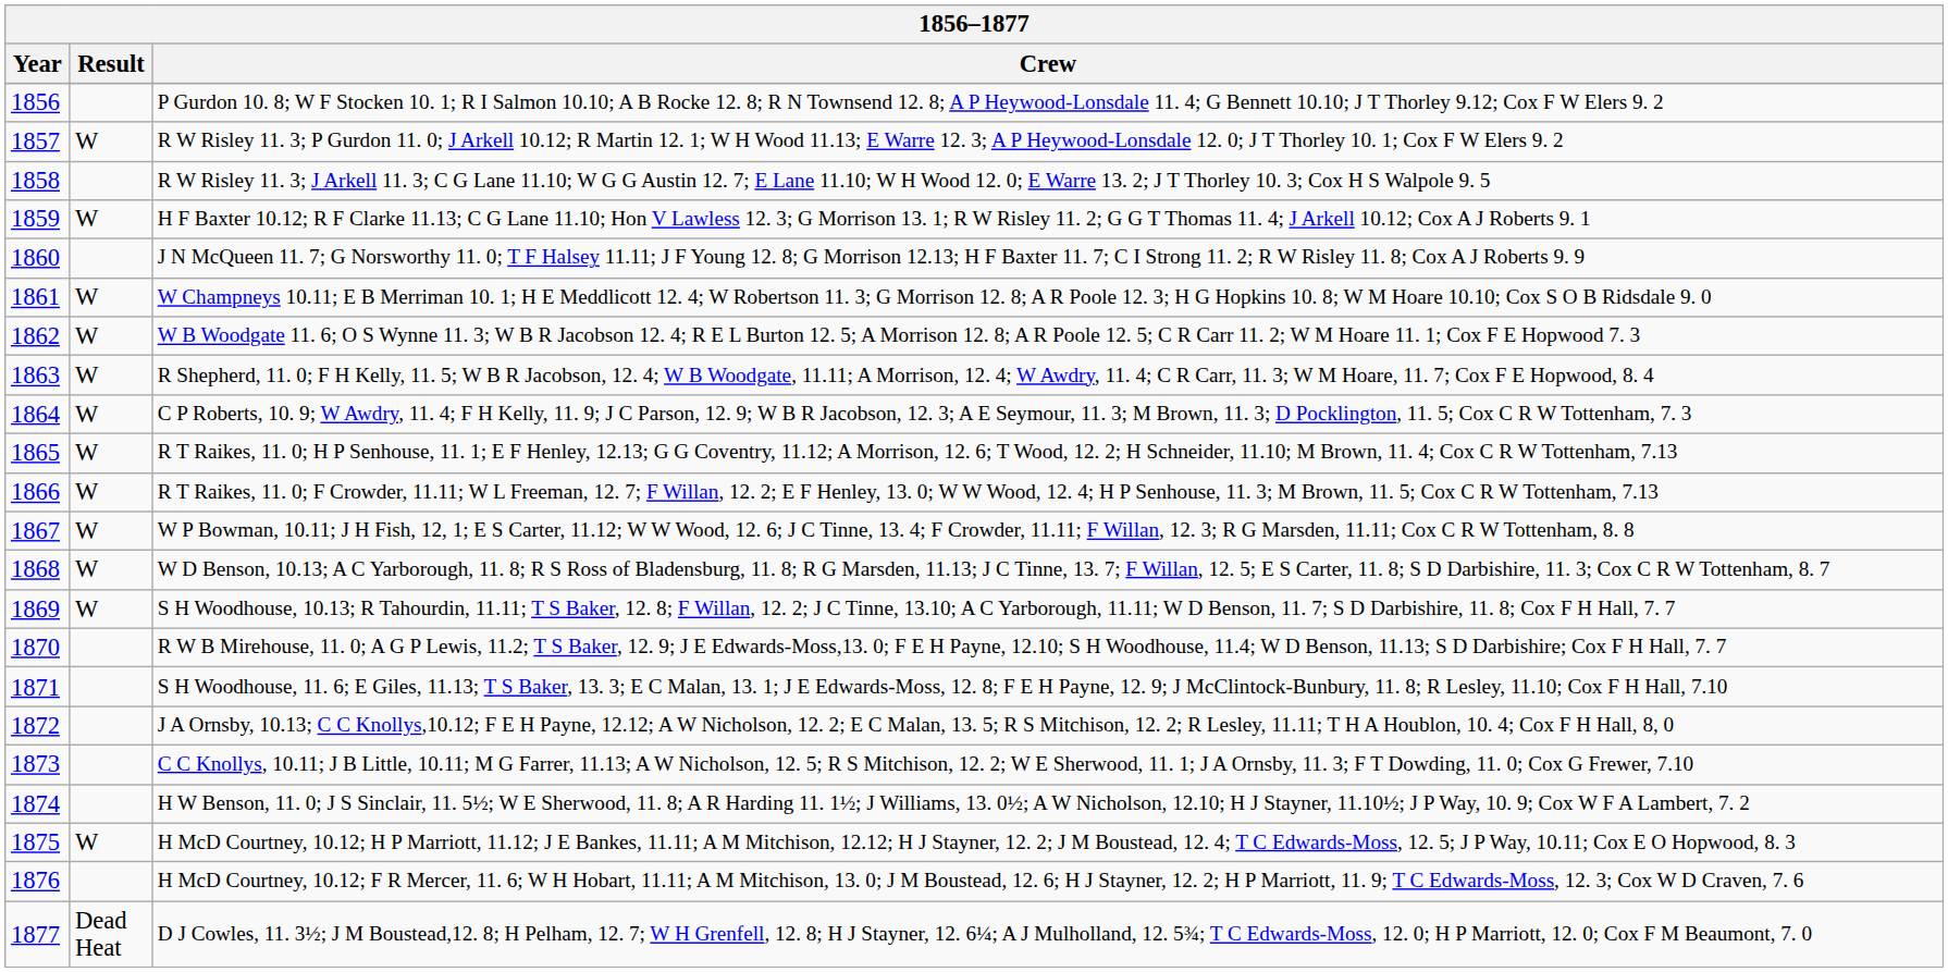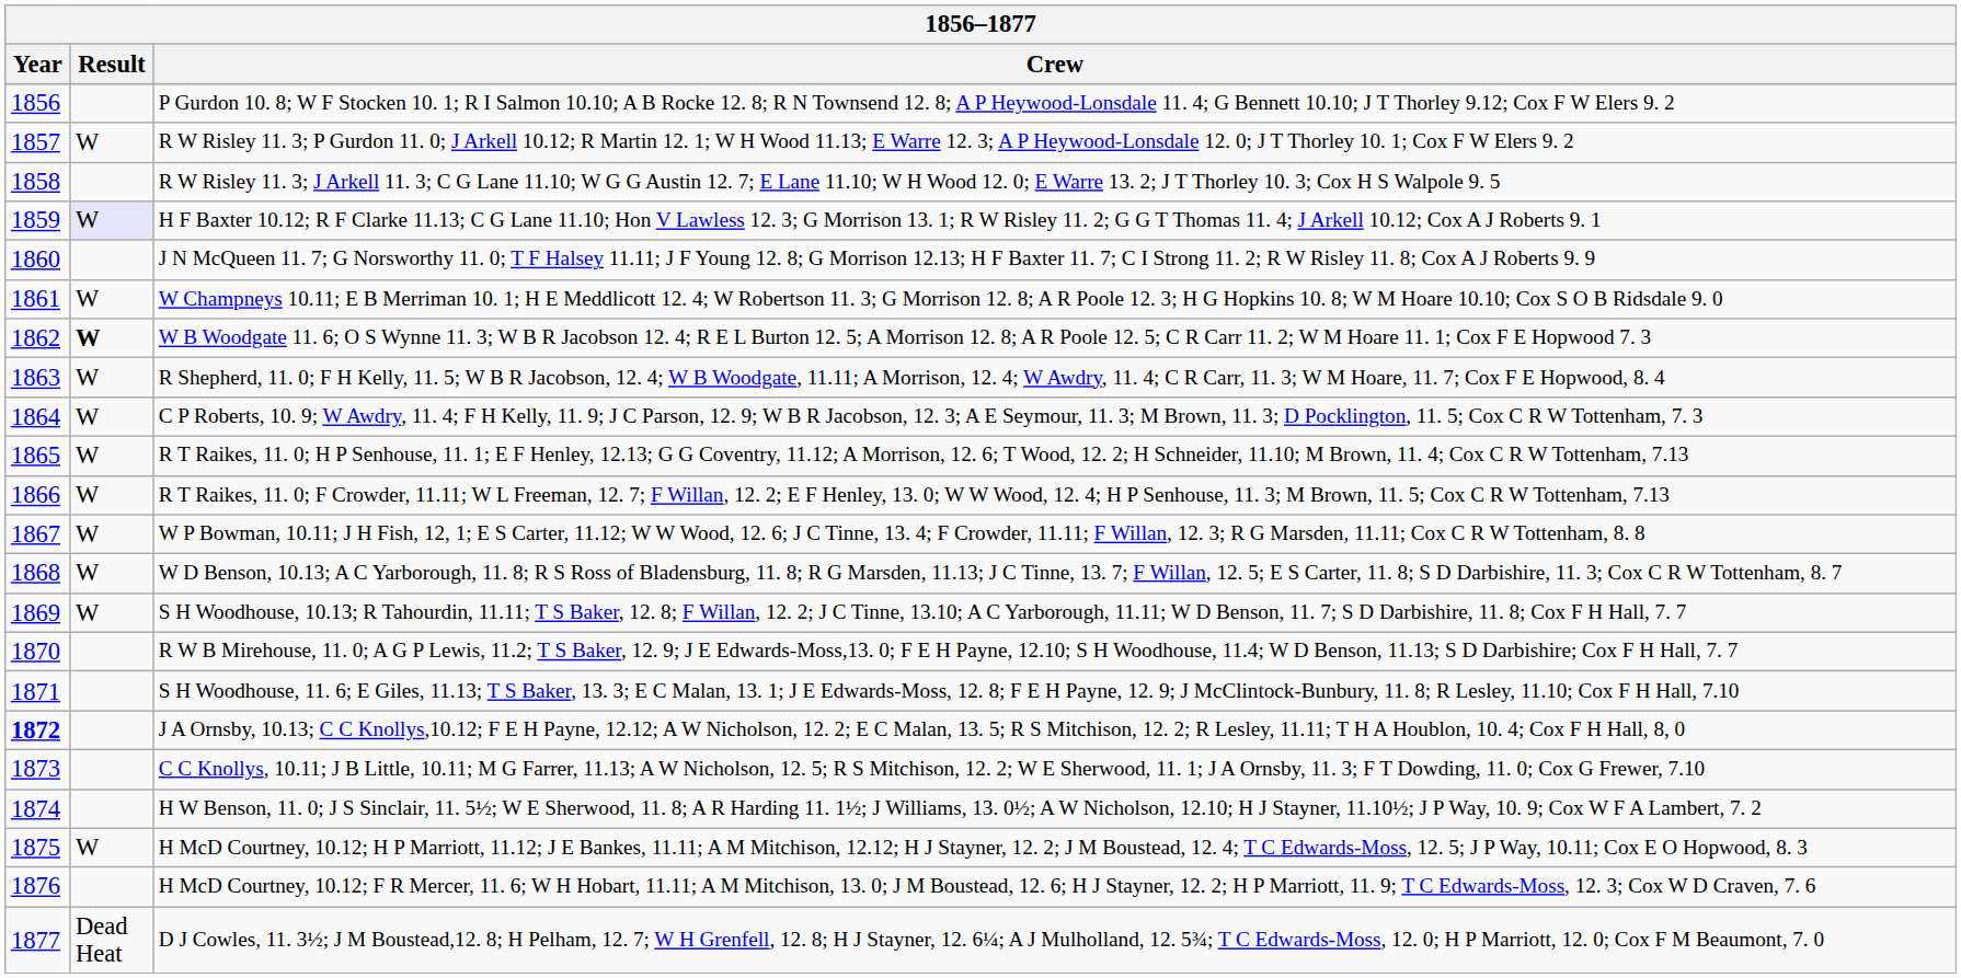 <table class="wikitable" width="100%">
 <tr>
 <th colspan=3>1856–1877</th>
 </tr>
 <tr>
 <th>Year</th>
 <th>Result</th>
 <th>Crew</th>
 </tr>
 <tr>
 </tr>
 <tr>
 <td><a href='#'>1856</a></td>
 <td></td>
 <td style="font-size:85%">P Gurdon 10. 8; W F Stocken 10. 1; R I Salmon 10.10; A B Rocke 12. 8; R N Townsend 12. 8; <a href='#'>A P Heywood-Lonsdale</a> 11. 4; G Bennett 10.10; J T Thorley 9.12; Cox F W Elers 9. 2</td>
 </tr>
 <tr>
 <td><a href='#'>1857</a></td>
 <td>W</td>
 <td style="font-size:85%">R W Risley 11. 3; P Gurdon 11. 0; <a href='#'>J Arkell</a> 10.12; R Martin 12. 1; W H Wood 11.13; <a href='#'>E Warre</a> 12. 3; <a href='#'>A P Heywood-Lonsdale</a> 12. 0; J T Thorley 10. 1; Cox F W Elers 9. 2</td>
 </tr>
 <tr>
 <td><a href='#'>1858</a></td>
 <td></td>
 <td style="font-size:85%">R W Risley 11. 3; <a href='#'>J Arkell</a> 11. 3; C G Lane 11.10; W G G Austin 12. 7; <a href='#'>E Lane</a> 11.10; W H Wood 12. 0; <a href='#'>E Warre</a> 13. 2; J T Thorley 10. 3; Cox H S Walpole 9. 5</td>
 </tr>
 <tr>
 <td><a href='#'>1859</a></td>
-<td>W</td>
+<td style="background: lavender;">W</td>
 <td style="font-size:85%">H F Baxter 10.12; R F Clarke 11.13; C G Lane 11.10; Hon <a href='#'>V Lawless</a> 12. 3; G Morrison 13. 1; R W Risley 11. 2; G G T Thomas 11. 4; <a href='#'>J Arkell</a> 10.12; Cox A J Roberts 9. 1</td>
 </tr>
 <tr>
 <td><a href='#'>1860</a></td>
 <td></td>
 <td style="font-size:85%">J N McQueen 11. 7; G Norsworthy 11. 0; <a href='#'>T F Halsey</a> 11.11; J F Young 12. 8; G Morrison 12.13; H F Baxter 11. 7; C I Strong 11. 2; R W Risley 11. 8; Cox A J Roberts 9. 9</td>
 </tr>
 <tr>
 <td><a href='#'>1861</a></td>
 <td>W</td>
 <td style="font-size:85%"><a href='#'>W Champneys</a> 10.11; E B Merriman 10. 1; H E Meddlicott 12. 4; W Robertson 11. 3; G Morrison 12. 8; A R Poole 12. 3; H G Hopkins 10. 8; W M Hoare 10.10; Cox S O B Ridsdale 9. 0</td>
 </tr>
 <tr>
 <td><a href='#'>1862</a></td>
-<td>W</td>
+<td><strong>W</strong></td>
 <td style="font-size:85%"><a href='#'>W B Woodgate</a> 11. 6; O S Wynne 11. 3; W B R Jacobson 12. 4; R E L Burton 12. 5; A Morrison 12. 8; A R Poole 12. 5; C R Carr 11. 2; W M Hoare 11. 1; Cox F E Hopwood 7. 3</td>
 </tr>
 <tr>
 <td><a href='#'>1863</a></td>
 <td>W</td>
 <td style="font-size:85%">R Shepherd, 11. 0; F H Kelly, 11. 5; W B R Jacobson, 12. 4; <a href='#'>W B Woodgate</a>, 11.11; A Morrison, 12. 4; <a href='#'>W Awdry</a>, 11. 4; C R Carr, 11. 3; W M Hoare, 11. 7; Cox F E Hopwood, 8. 4</td>
 </tr>
 <tr>
 <td><a href='#'>1864</a></td>
 <td>W</td>
 <td style="font-size:85%">C P Roberts, 10. 9; <a href='#'>W Awdry</a>, 11. 4; F H Kelly, 11. 9; J C Parson, 12. 9; W B R Jacobson, 12. 3; A E Seymour, 11. 3; M Brown, 11. 3; <a href='#'>D Pocklington</a>, 11. 5; Cox C R W Tottenham, 7. 3</td>
 </tr>
 <tr>
 <td><a href='#'>1865</a></td>
 <td>W</td>
 <td style="font-size:85%">R T Raikes, 11. 0; H P Senhouse, 11. 1; E F Henley, 12.13; G G Coventry, 11.12; A Morrison, 12. 6; T Wood, 12. 2; H Schneider, 11.10; M Brown, 11. 4; Cox C R W Tottenham, 7.13</td>
 </tr>
 <tr>
 <td><a href='#'>1866</a></td>
 <td>W</td>
 <td style="font-size:85%">R T Raikes, 11. 0; F Crowder, 11.11; W L Freeman, 12. 7; <a href='#'>F Willan</a>, 12. 2; E F Henley, 13. 0; W W Wood, 12. 4; H P Senhouse, 11. 3; M Brown, 11. 5; Cox C R W Tottenham, 7.13</td>
 </tr>
 <tr>
 <td><a href='#'>1867</a></td>
 <td>W</td>
 <td style="font-size:85%">W P Bowman, 10.11; J H Fish, 12, 1; E S Carter, 11.12; W W Wood, 12. 6; J C Tinne, 13. 4; F Crowder, 11.11; <a href='#'>F Willan</a>, 12. 3; R G Marsden, 11.11; Cox C R W Tottenham, 8. 8</td>
 </tr>
 <tr>
 <td><a href='#'>1868</a></td>
 <td>W</td>
 <td style="font-size:85%">W D Benson, 10.13; A C Yarborough, 11. 8; R S Ross of Bladensburg, 11. 8; R G Marsden, 11.13; J C Tinne, 13. 7; <a href='#'>F Willan</a>, 12. 5; E S Carter, 11. 8; S D Darbishire, 11. 3; Cox C R W Tottenham, 8. 7</td>
 </tr>
 <tr>
 <td><a href='#'>1869</a></td>
 <td>W</td>
 <td style="font-size:85%">S H Woodhouse, 10.13; R Tahourdin, 11.11; <a href='#'>T S Baker</a>, 12. 8; <a href='#'>F Willan</a>, 12. 2; J C Tinne, 13.10; A C Yarborough, 11.11; W D Benson, 11. 7; S D Darbishire, 11. 8; Cox F H Hall, 7. 7</td>
 </tr>
 <tr>
 <td><a href='#'>1870</a></td>
 <td></td>
 <td style="font-size:85%">R W B Mirehouse, 11. 0; A G P Lewis, 11.2; <a href='#'>T S Baker</a>, 12. 9; J E Edwards-Moss,13. 0; F E H Payne, 12.10; S H Woodhouse, 11.4; W D Benson, 11.13; S D Darbishire; Cox F H Hall, 7. 7</td>
 </tr>
 <tr>
 <td><a href='#'>1871</a></td>
 <td></td>
 <td style="font-size:85%">S H Woodhouse, 11. 6; E Giles, 11.13; <a href='#'>T S Baker</a>, 13. 3; E C Malan, 13. 1; J E Edwards-Moss, 12. 8; F E H Payne, 12. 9; J McClintock-Bunbury, 11. 8; R Lesley, 11.10; Cox F H Hall, 7.10</td>
 </tr>
 <tr>
-<td><a href='#'>1872</a></td>
+<td><strong><a href='#'>1872</a></strong></td>
 <td></td>
 <td style="font-size:85%">J A Ornsby, 10.13; <a href='#'>C C Knollys</a>,10.12; F E H Payne, 12.12; A W Nicholson, 12. 2; E C Malan, 13. 5; R S Mitchison, 12. 2; R Lesley, 11.11; T H A Houblon, 10. 4; Cox F H Hall, 8, 0</td>
 </tr>
 <tr>
 <td><a href='#'>1873</a></td>
 <td></td>
 <td style="font-size:85%"><a href='#'>C C Knollys</a>, 10.11; J B Little, 10.11; M G Farrer, 11.13; A W Nicholson, 12. 5; R S Mitchison, 12. 2; W E Sherwood, 11. 1; J A Ornsby, 11. 3; F T Dowding, 11. 0; Cox G Frewer, 7.10</td>
 </tr>
 <tr>
 <td><a href='#'>1874</a></td>
 <td></td>
 <td style="font-size:85%">H W Benson, 11. 0; J S Sinclair, 11. 5½; W E Sherwood, 11. 8; A R Harding 11. 1½; J Williams, 13. 0½; A W Nicholson, 12.10; H J Stayner, 11.10½; J P Way, 10. 9; Cox W F A Lambert, 7. 2</td>
 </tr>
 <tr>
 <td><a href='#'>1875</a></td>
 <td>W</td>
 <td style="font-size:85%">H McD Courtney, 10.12; H P Marriott, 11.12; J E Bankes, 11.11; A M Mitchison, 12.12; H J Stayner, 12. 2; J M Boustead, 12. 4; <a href='#'>T C Edwards-Moss</a>, 12. 5; J P Way, 10.11; Cox E O Hopwood, 8. 3</td>
 </tr>
 <tr>
 <td><a href='#'>1876</a></td>
 <td></td>
 <td style="font-size:85%">H McD Courtney, 10.12; F R Mercer, 11. 6; W H Hobart, 11.11; A M Mitchison, 13. 0; J M Boustead, 12. 6; H J Stayner, 12. 2; H P Marriott, 11. 9; <a href='#'>T C Edwards-Moss</a>, 12. 3; Cox W D Craven, 7. 6</td>
 </tr>
 <tr>
 <td><a href='#'>1877</a></td>
 <td>Dead<br>Heat</td>
 <td style="font-size:85%">D J Cowles, 11. 3½; J M Boustead,12. 8; H Pelham, 12. 7; <a href='#'>W H Grenfell</a>, 12. 8; H J Stayner, 12. 6¼; A J Mulholland, 12. 5¾; <a href='#'>T C Edwards-Moss</a>, 12. 0; H P Marriott, 12. 0; Cox F M Beaumont, 7. 0</td>
 </tr>
 <tr>
 </tr>
 </table>
